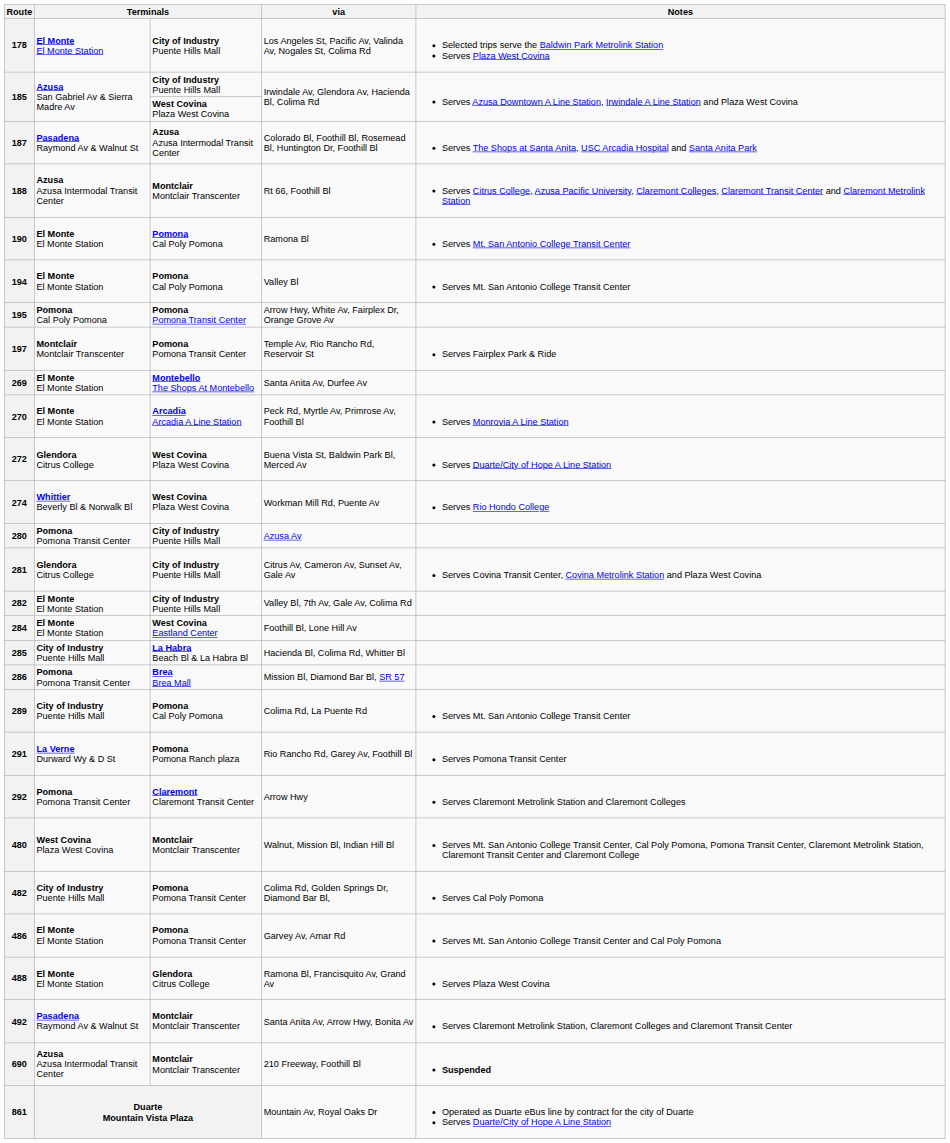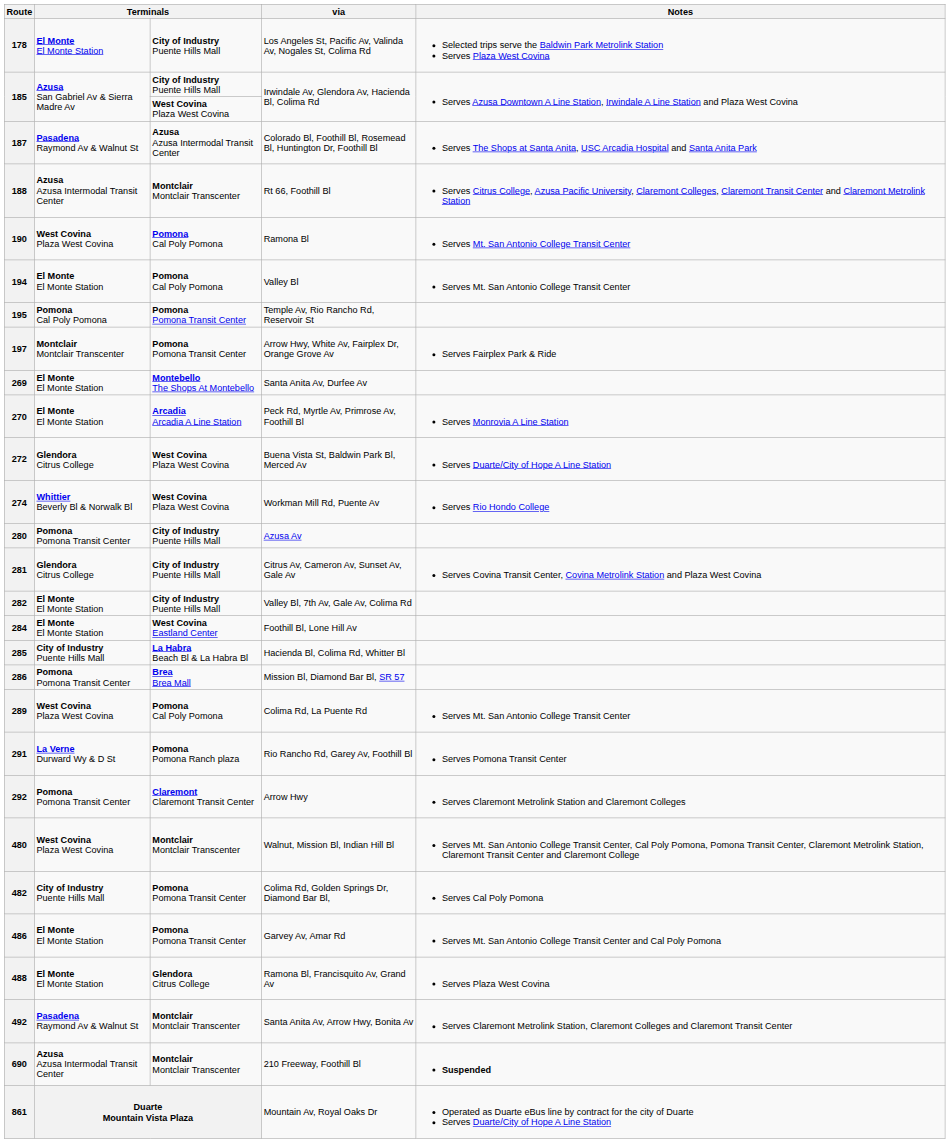 <table class="wikitable" style="font-size: 95%;" |>
 <tr>
 <th>Route</th>
 <th colspan="2">Terminals</th>
 <th width="250px">via</th>
 <th>Notes</th>
 </tr>
 <tr>
 <th>178</th>
 <td><strong><a href='#'>El Monte</a></strong><br><a href='#'>El Monte Station</a></td>
 <td><strong>City of Industry</strong><br>Puente Hills Mall</td>
 <td>Los Angeles St, Pacific Av, Valinda Av, Nogales St, Colima Rd</td>
 <td><br><ul><li>Selected trips serve the <a href='#'>Baldwin Park Metrolink Station</a></li><li>Serves <a href='#'>Plaza West Covina</a></li></ul></td>
 </tr>
 <tr>
 <th rowspan="2">185</th>
 <td rowspan="2"><strong><a href='#'>Azusa</a></strong><br>San Gabriel Av & Sierra Madre Av</td>
 <td><strong>City of Industry</strong><br>Puente Hills Mall</td>
 <td rowspan="2">Irwindale Av, Glendora Av, Hacienda Bl, Colima Rd</td>
 <td rowspan="2"><br><ul><li>Serves <a href='#'>Azusa Downtown A Line Station</a>, <a href='#'>Irwindale A Line Station</a> and Plaza West Covina</li></ul></td>
 </tr>
 <tr>
 <td><strong>West Covina</strong><br>Plaza West Covina  </td>
 </tr>
 <tr>
 <th>187</th>
 <td><strong><a href='#'>Pasadena</a></strong><br>Raymond Av & Walnut St</td>
 <td><strong>Azusa</strong><br>Azusa Intermodal Transit Center</td>
 <td>Colorado Bl, Foothill Bl, Rosemead Bl, Huntington Dr, Foothill Bl</td>
 <td><br><ul><li>Serves <a href='#'>The Shops at Santa Anita</a>, <a href='#'>USC Arcadia Hospital</a> and <a href='#'>Santa Anita Park</a></li></ul></td>
 </tr>
 <tr>
 <th>188</th>
 <td><strong>Azusa</strong><br>Azusa Intermodal Transit Center</td>
 <td><strong>Montclair</strong><br>Montclair Transcenter</td>
 <td>Rt 66, Foothill Bl</td>
 <td><br><ul><li>Serves <a href='#'>Citrus College</a>, <a href='#'>Azusa Pacific University</a>, <a href='#'>Claremont Colleges</a>, <a href='#'>Claremont Transit Center</a> and <a href='#'>Claremont Metrolink Station</a></li></ul></td>
 </tr>
 <tr>
 <th>190</th>
-<td><strong>El Monte</strong><br>El Monte Station</td>
+<td><strong>West Covina</strong><br>Plaza West Covina</td>
 <td><strong><a href='#'>Pomona</a></strong><br>Cal Poly Pomona</td>
 <td>Ramona Bl</td>
 <td><br><ul><li>Serves <a href='#'>Mt. San Antonio College Transit Center</a></li></ul></td>
 </tr>
 <tr>
 <th>194</th>
 <td><strong>El Monte</strong><br>El Monte Station</td>
 <td><strong>Pomona</strong><br>Cal Poly Pomona</td>
 <td>Valley Bl</td>
 <td><br><ul><li>Serves Mt. San Antonio College Transit Center</li></ul></td>
 </tr>
 <tr>
 <th>195</th>
 <td><strong>Pomona</strong><br>Cal Poly Pomona</td>
 <td><strong>Pomona</strong><br><a href='#'>Pomona Transit Center</a></td>
-<td>Arrow Hwy, White Av, Fairplex Dr, Orange Grove Av</td>
+<td>Temple Av, Rio Rancho Rd, Reservoir St</td>
 <td></td>
 </tr>
 <tr>
 <th>197</th>
 <td><strong>Montclair</strong><br>Montclair Transcenter</td>
 <td><strong>Pomona</strong><br>Pomona Transit Center</td>
-<td>Temple Av, Rio Rancho Rd, Reservoir St</td>
+<td>Arrow Hwy, White Av, Fairplex Dr, Orange Grove Av</td>
 <td><br><ul><li>Serves Fairplex Park & Ride</li></ul></td>
 </tr>
 <tr>
 <th>269</th>
 <td><strong>El Monte</strong><br>El Monte Station</td>
 <td><a href='#'><strong>Montebello</strong></a><br><a href='#'>The Shops At Montebello</a></td>
 <td>Santa Anita Av, Durfee Av</td>
 <td></td>
 </tr>
 <tr>
 <th>270</th>
 <td><strong>El Monte</strong><br>El Monte Station</td>
 <td><strong><a href='#'>Arcadia</a></strong><br><a href='#'>Arcadia A Line Station</a></td>
 <td>Peck Rd, Myrtle Av, Primrose Av, Foothill Bl</td>
 <td><br><ul><li>Serves <a href='#'>Monrovia A Line Station</a></li></ul></td>
 </tr>
 <tr>
 <th>272</th>
 <td><strong>Glendora</strong><br>Citrus College</td>
 <td><strong>West Covina</strong><br>Plaza West Covina</td>
 <td>Buena Vista St, Baldwin Park Bl, Merced Av</td>
 <td><br><ul><li>Serves <a href='#'>Duarte/City of Hope A Line Station</a></li></ul></td>
 </tr>
 <tr>
 <th>274</th>
 <td><strong><a href='#'>Whittier</a></strong><br>Beverly Bl & Norwalk Bl</td>
 <td><strong>West Covina</strong><br>Plaza West Covina</td>
 <td>Workman Mill Rd, Puente Av</td>
 <td><br><ul><li>Serves <a href='#'>Rio Hondo College</a></li></ul></td>
 </tr>
 <tr>
 <th>280</th>
 <td><strong>Pomona</strong><br>Pomona Transit Center</td>
 <td><strong>City of Industry</strong><br>Puente Hills Mall</td>
 <td><a href='#'>Azusa Av</a></td>
 <td></td>
 </tr>
 <tr>
 <th>281</th>
 <td><strong>Glendora</strong><br>Citrus College</td>
 <td><strong>City of Industry</strong><br>Puente Hills Mall</td>
 <td>Citrus Av, Cameron Av, Sunset Av, Gale Av</td>
 <td><br><ul><li>Serves Covina Transit Center, <a href='#'>Covina Metrolink Station</a> and Plaza West Covina</li></ul></td>
 </tr>
 <tr>
 <th>282</th>
 <td><strong>El Monte</strong><br>El Monte Station</td>
 <td><strong>City of Industry</strong><br>Puente Hills Mall</td>
 <td>Valley Bl, 7th Av, Gale Av, Colima Rd</td>
 <td></td>
 </tr>
 <tr>
 <th>284</th>
 <td><strong>El Monte</strong><br>El Monte Station</td>
 <td><strong>West Covina</strong><br><a href='#'>Eastland Center</a></td>
 <td>Foothill Bl, Lone Hill Av</td>
 <td></td>
 </tr>
 <tr>
 <th>285</th>
 <td><strong>City of Industry</strong><br>Puente Hills Mall</td>
 <td><strong><a href='#'>La Habra</a></strong><br>Beach Bl & La Habra Bl</td>
 <td>Hacienda Bl, Colima Rd, Whitter Bl</td>
 <td></td>
 </tr>
 <tr>
 <th>286</th>
 <td><strong>Pomona</strong><br>Pomona Transit Center</td>
 <td><strong><a href='#'>Brea</a></strong><br><a href='#'>Brea Mall</a></td>
 <td>Mission Bl, Diamond Bar Bl, <a href='#'>SR 57</a></td>
 <td></td>
 </tr>
 <tr>
 <th>289</th>
-<td><strong>City of Industry</strong><br>Puente Hills Mall</td>
+<td><strong>West Covina</strong><br>Plaza West Covina</td>
 <td><strong>Pomona</strong><br>Cal Poly Pomona</td>
 <td>Colima Rd, La Puente Rd</td>
 <td><br><ul><li>Serves Mt. San Antonio College Transit Center</li></ul></td>
 </tr>
 <tr>
 <th>291</th>
 <td><strong><a href='#'>La Verne</a></strong><br>Durward Wy & D St</td>
 <td><strong>Pomona</strong><br>Pomona Ranch plaza</td>
 <td>Rio Rancho Rd, Garey Av, Foothill Bl</td>
 <td><br><ul><li>Serves Pomona Transit Center</li></ul></td>
 </tr>
 <tr>
 <th>292</th>
 <td><strong>Pomona</strong><br>Pomona Transit Center</td>
 <td><strong><a href='#'>Claremont</a></strong><br>Claremont Transit Center</td>
 <td>Arrow Hwy</td>
 <td><br><ul><li>Serves Claremont Metrolink Station and Claremont Colleges</li></ul></td>
 </tr>
 <tr>
 <th>480</th>
 <td><strong>West Covina</strong><br>Plaza West Covina</td>
 <td><strong>Montclair</strong><br>Montclair Transcenter</td>
 <td>Walnut, Mission Bl, Indian Hill Bl</td>
 <td><br><ul><li>Serves Mt. San Antonio College Transit Center, Cal Poly Pomona, Pomona Transit Center, Claremont Metrolink Station, Claremont Transit Center and Claremont College</li></ul></td>
 </tr>
 <tr>
 <th>482</th>
 <td><strong>City of Industry</strong><br>Puente Hills Mall</td>
 <td><strong>Pomona</strong><br>Pomona Transit Center</td>
 <td>Colima Rd, Golden Springs Dr, Diamond Bar Bl,</td>
 <td><br><ul><li>Serves Cal Poly Pomona</li></ul></td>
 </tr>
 <tr>
 <th>486</th>
 <td><strong>El Monte</strong><br>El Monte Station</td>
 <td><strong>Pomona</strong><br>Pomona Transit Center</td>
 <td>Garvey Av, Amar Rd</td>
 <td><br><ul><li>Serves Mt. San Antonio College Transit Center and Cal Poly Pomona</li></ul></td>
 </tr>
 <tr>
 <th>488</th>
 <td><strong>El Monte</strong><br>El Monte Station</td>
 <td><strong>Glendora</strong><br>Citrus College</td>
 <td>Ramona Bl, Francisquito Av, Grand Av</td>
 <td><br><ul><li>Serves Plaza West Covina</li></ul></td>
 </tr>
 <tr>
 <th>492</th>
 <td><strong><a href='#'>Pasadena</a></strong><br>Raymond Av & Walnut St</td>
 <td><strong>Montclair</strong><br>Montclair Transcenter</td>
 <td>Santa Anita Av, Arrow Hwy, Bonita Av</td>
 <td><br><ul><li>Serves Claremont Metrolink Station, Claremont Colleges and Claremont Transit Center</li></ul></td>
 </tr>
 <tr>
 <th>690</th>
 <td><strong>Azusa</strong><br>Azusa Intermodal Transit Center</td>
 <td><strong>Montclair</strong><br>Montclair Transcenter</td>
 <td>210 Freeway, Foothill Bl</td>
 <td><br><ul><li><strong>Suspended</strong></li></ul></td>
 </tr>
 <tr>
 <th>861</th>
 <th colspan="2"><strong>Duarte</strong><br>Mountain Vista Plaza</th>
 <td>Mountain Av, Royal Oaks Dr</td>
 <td><br><ul><li>Operated as Duarte eBus line by contract for the city of Duarte</li><li>Serves <a href='#'>Duarte/City of Hope A Line Station</a></li></ul></td>
 </tr>
 </table>
